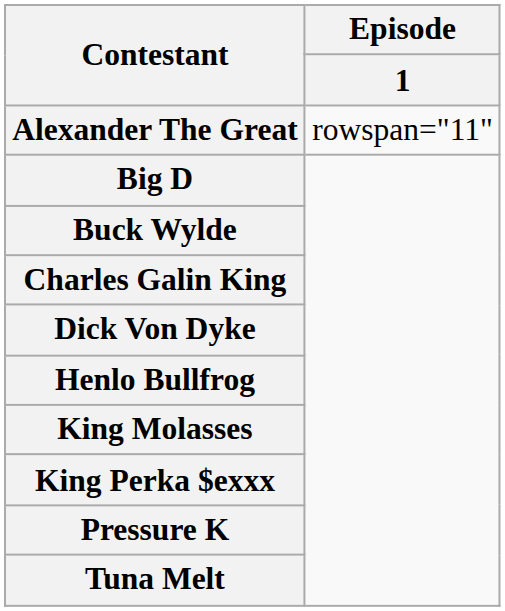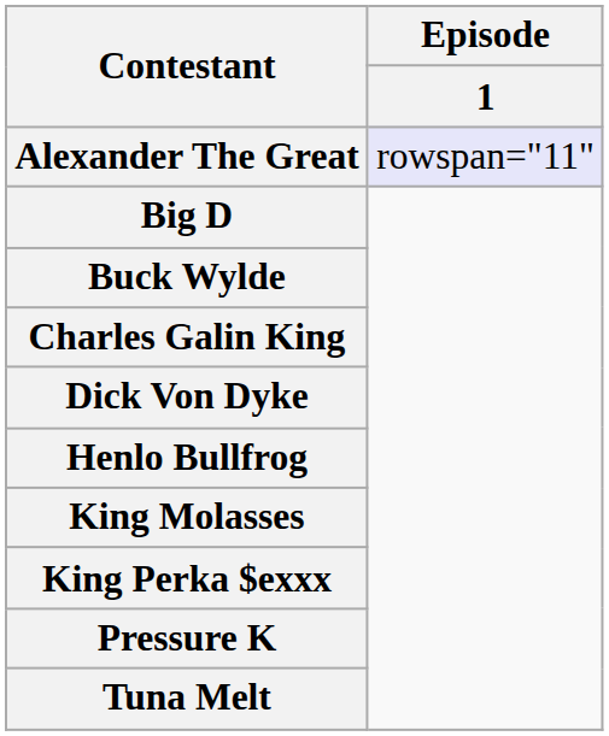 <table class="wikitable" style="text-align:center">
 <tr>
 <th rowspan="2" scope="col">Contestant</th>
 <th colspan="11" scope="col">Episode</th>
 </tr>
 <tr>
 <th scope="col">1</th>
 </tr>
 <tr>
 <th scope="row">Alexander The Great</th>
-<td>rowspan="11" </td>
+<td style="background: lavender;">rowspan="11" </td>
 </tr>
 <tr>
 <th scope="row">Big D</th>
 </tr>
 <tr>
 <th scope="row">Buck Wylde</th>
 </tr>
 <tr>
 <th scope="row">Charles Galin King</th>
 </tr>
 <tr>
 <th scope="row">Dick Von Dyke</th>
 </tr>
 <tr>
 <th scope="row">Henlo Bullfrog</th>
 </tr>
 <tr>
 <th scope="row" nowrap="">King Molasses</th>
 </tr>
 <tr>
 <th scope="row">King Perka $exxx</th>
 </tr>
 <tr>
 <th scope="row">Pressure K</th>
 </tr>
 <tr>
 <th scope="row">Tuna Melt</th>
 </tr>
 </table>
